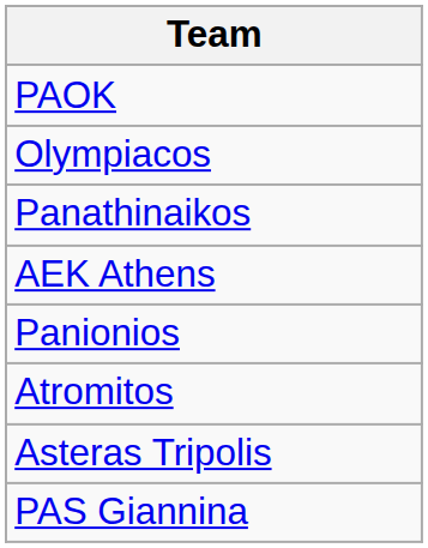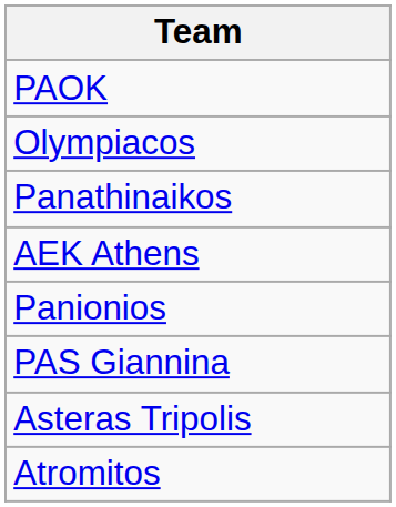 <table class="wikitable">
 <tr>
 </tr>
 <tr>
 <th width=170>Team</th>
 </tr>
 <tr>
 <td><a href='#'>PAOK</a></td>
 </tr>
 <tr>
 <td><a href='#'>Olympiacos</a></td>
 </tr>
 <tr>
 <td><a href='#'>Panathinaikos</a></td>
 </tr>
 <tr>
 <td><a href='#'>AEK Athens</a></td>
 </tr>
 <tr>
 <td><a href='#'>Panionios</a></td>
 </tr>
 <tr>
-<td><a href='#'>Atromitos</a></td>
+<td><a href='#'>PAS Giannina</a></td>
 </tr>
 <tr>
 <td><a href='#'>Asteras Tripolis</a></td>
 </tr>
 <tr>
-<td><a href='#'>PAS Giannina</a></td>
+<td><a href='#'>Atromitos</a></td>
 </tr>
 </table>
